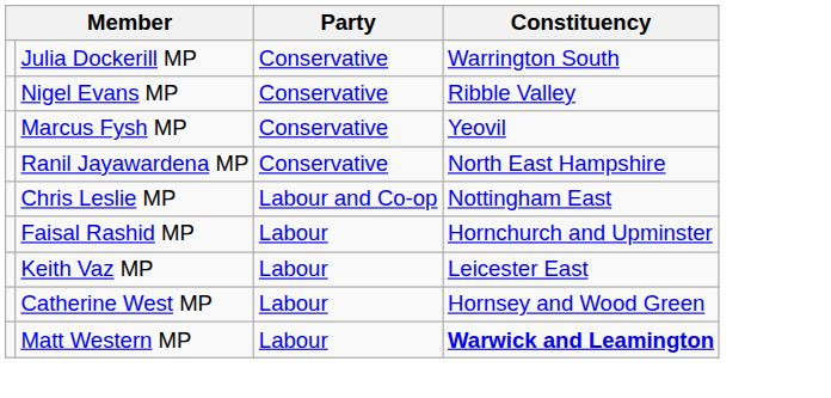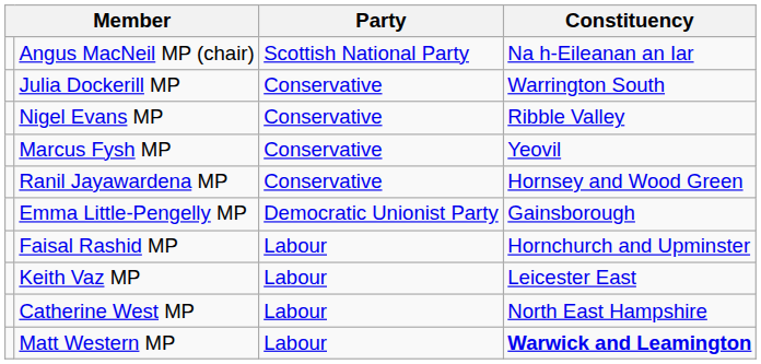 <table class="wikitable">
 <tr>
 <th colspan="2" valign="top">Member</th>
 <th valign="top">Party</th>
 <th valign="top">Constituency</th>
+</tr>
+<tr>
+<td style="color:inherit;background:"></td>
+<td><a href='#'>Angus MacNeil</a> MP (chair)</td>
+<td><a href='#'>Scottish National Party</a></td>
+<td><a href='#'>Na h-Eileanan an Iar</a></td>
 </tr>
 <tr>
 <td style="color:inherit;background:"></td>
 <td><a href='#'>Julia Dockerill</a> MP</td>
 <td><a href='#'>Conservative</a></td>
 <td><a href='#'>Warrington South</a></td>
 </tr>
 <tr>
 <td style="color:inherit;background:"></td>
 <td><a href='#'>Nigel Evans</a> MP</td>
 <td><a href='#'>Conservative</a></td>
 <td><a href='#'>Ribble Valley</a></td>
 </tr>
 <tr>
 <td style="color:inherit;background:"></td>
 <td><a href='#'>Marcus Fysh</a> MP</td>
 <td><a href='#'>Conservative</a></td>
 <td><a href='#'>Yeovil</a></td>
 </tr>
 <tr>
 <td style="color:inherit;background:"></td>
 <td><a href='#'>Ranil Jayawardena</a> MP</td>
 <td><a href='#'>Conservative</a></td>
-<td><a href='#'>North East Hampshire</a></td>
+<td><a href='#'>Hornsey and Wood Green</a></td>
 </tr>
 <tr>
 <td style="color:inherit;background:"></td>
-<td><a href='#'>Chris Leslie</a> MP</td>
-<td><a href='#'>Labour and Co-op</a></td>
-<td><a href='#'>Nottingham East</a></td>
+<td><a href='#'>Emma Little-Pengelly</a> MP</td>
+<td><a href='#'>Democratic Unionist Party</a></td>
+<td><a href='#'>Gainsborough</a></td>
 </tr>
 <tr>
 <td style="color:inherit;background:"></td>
 <td><a href='#'>Faisal Rashid</a> MP</td>
 <td><a href='#'>Labour</a></td>
 <td><a href='#'>Hornchurch and Upminster</a></td>
 </tr>
 <tr>
 <td style="color:inherit;background:"></td>
 <td><a href='#'>Keith Vaz</a> MP</td>
 <td><a href='#'>Labour</a></td>
 <td><a href='#'>Leicester East</a></td>
 </tr>
 <tr>
 <td style="color:inherit;background:"></td>
 <td><a href='#'>Catherine West</a> MP</td>
 <td><a href='#'>Labour</a></td>
-<td><a href='#'>Hornsey and Wood Green</a></td>
+<td><a href='#'>North East Hampshire</a></td>
 </tr>
 <tr>
 <td style="color:inherit;background:"></td>
 <td><a href='#'>Matt Western</a> MP</td>
 <td><a href='#'>Labour</a></td>
 <td><strong><a href='#'>Warwick and Leamington</a></strong></td>
 </tr>
 </table>
